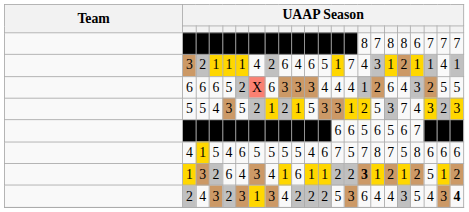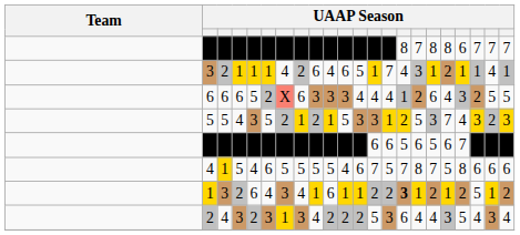 <table class="wikitable" style="text-align: center">
 <tr>
 <th width=200px rowspan=2>Team</th>
 <th colspan=21>UAAP Season</th>
 </tr>
 <tr>
 <th></th>
 <th></th>
 <th></th>
 <th></th>
 <th></th>
 <th></th>
 <th></th>
 <th></th>
 <th></th>
 <th></th>
 <th></th>
 <th></th>
 <th></th>
 <th></th>
 <th></th>
 <th></th>
 <th></th>
 <th></th>
 <th></th>
 <th></th>
 <th></th>
 </tr>
 <tr>
 <td align=left></td>
 <td bgcolor=black></td>
 <td bgcolor=black></td>
 <td bgcolor=black></td>
 <td bgcolor=black></td>
 <td bgcolor=black></td>
 <td bgcolor=black></td>
 <td bgcolor=black></td>
 <td bgcolor=black></td>
 <td bgcolor=black></td>
 <td bgcolor=black></td>
 <td bgcolor=black></td>
 <td bgcolor=black></td>
 <td bgcolor=black></td>
 <td>8</td>
 <td>7</td>
 <td>8</td>
 <td>8</td>
 <td>6</td>
 <td>7</td>
 <td>7</td>
 <td>7</td>
 </tr>
 <tr>
 <td align=left></td>
 <td bgcolor=#CC9966>3</td>
 <td bgcolor=silver>2</td>
 <td bgcolor=gold>1</td>
 <td bgcolor=gold>1</td>
 <td bgcolor=gold>1</td>
 <td>4</td>
 <td bgcolor=silver>2</td>
 <td>6</td>
 <td>4</td>
 <td>6</td>
 <td>5</td>
 <td bgcolor=gold>1</td>
 <td>7</td>
 <td>4</td>
 <td bgcolor=silver>3</td>
 <td bgcolor=gold>1</td>
 <td bgcolor=#CC9966>2</td>
 <td bgcolor=gold>1</td>
 <td bgcolor=silver>1</td>
 <td>4</td>
 <td bgcolor=silver>1</td>
 </tr>
 <tr>
 <td align=left></td>
 <td>6</td>
 <td>6</td>
 <td>6</td>
 <td>5</td>
 <td bgcolor=silver>2</td>
 <td bgcolor=salmon>X</td>
 <td>6</td>
 <td bgcolor=#CC9966>3</td>
 <td bgcolor=#CC9966>3</td>
 <td bgcolor=#CC9966>3</td>
 <td>4</td>
 <td>4</td>
 <td>4</td>
 <td bgcolor=silver>1</td>
 <td bgcolor=#CC9966>2</td>
 <td>6</td>
 <td>4</td>
 <td bgcolor=silver>3</td>
 <td bgcolor=#CC9966>2</td>
 <td>5</td>
 <td>5</td>
 </tr>
 <tr>
 <td align=left></td>
 <td>5</td>
 <td>5</td>
 <td>4</td>
 <td bgcolor=#CC9966>3</td>
 <td>5</td>
 <td bgcolor=silver>2</td>
 <td bgcolor=gold>1</td>
 <td bgcolor=silver>2</td>
 <td bgcolor=gold>1</td>
 <td>5</td>
 <td bgcolor=#CC9966>3</td>
 <td bgcolor=#CC9966>3</td>
 <td bgcolor=gold>1</td>
 <td bgcolor=gold>2</td>
 <td>5</td>
 <td bgcolor=silver>3</td>
 <td>7</td>
 <td>4</td>
 <td bgcolor=gold>3</td>
 <td bgcolor=silver>2</td>
 <td bgcolor=gold>3</td>
 </tr>
 <tr>
 <td align=left></td>
 <td bgcolor=black></td>
 <td bgcolor=black></td>
 <td bgcolor=black></td>
 <td bgcolor=black></td>
 <td bgcolor=black></td>
 <td bgcolor=black></td>
 <td bgcolor=black></td>
 <td bgcolor=black></td>
 <td bgcolor=black></td>
 <td bgcolor=black></td>
 <td bgcolor=black></td>
 <td>6</td>
 <td>6</td>
 <td>5</td>
 <td>6</td>
 <td>5</td>
 <td>6</td>
 <td>7</td>
 <td bgcolor=black></td>
 <td bgcolor=black></td>
 <td bgcolor=black></td>
 </tr>
 <tr>
 <td align=left></td>
 <td>4</td>
 <td bgcolor=gold>1</td>
 <td>5</td>
 <td>4</td>
 <td>6</td>
 <td>5</td>
 <td>5</td>
 <td>5</td>
 <td>5</td>
 <td>4</td>
 <td>6</td>
 <td>7</td>
 <td>5</td>
 <td>7</td>
 <td>8</td>
 <td>7</td>
 <td>5</td>
 <td>8</td>
 <td>6</td>
 <td>6</td>
 <td>6</td>
 </tr>
 <tr>
 <td align=left></td>
 <td bgcolor=gold>1</td>
 <td bgcolor=#CC9966>3</td>
 <td bgcolor=silver>2</td>
 <td>6</td>
 <td>4</td>
 <td bgcolor=#CC9966>3</td>
 <td>4</td>
 <td bgcolor=gold>1</td>
 <td>6</td>
 <td bgcolor=gold>1</td>
 <td bgcolor=gold>1</td>
 <td bgcolor=silver>2</td>
 <td bgcolor=silver>2</td>
 <td bgcolor=#CC9966><strong>3</strong></td>
 <td bgcolor=gold>1</td>
 <td bgcolor=#CC9966>2</td>
 <td bgcolor=gold>1</td>
 <td bgcolor=#CC9966>2</td>
 <td>5</td>
 <td bgcolor=gold>1</td>
 <td bgcolor=#CC9966>2</td>
 </tr>
 <tr>
 <td align=left></td>
 <td bgcolor=silver>2</td>
 <td>4</td>
 <td bgcolor=#CC9966>3</td>
 <td bgcolor=silver>2</td>
 <td bgcolor=#CC9966>3</td>
 <td bgcolor=gold>1</td>
 <td bgcolor=#CC9966>3</td>
 <td>4</td>
 <td bgcolor=silver>2</td>
 <td bgcolor=silver>2</td>
 <td bgcolor=silver>2</td>
 <td>5</td>
 <td bgcolor=#CC9966>3</td>
 <td>6</td>
 <td>4</td>
 <td>4</td>
 <td bgcolor=silver>3</td>
 <td>5</td>
 <td>4</td>
 <td bgcolor=#CC9966>3</td>
-<td><strong>4</strong></td>
+<td>4</td>
 </tr>
 <tr>
 </tr>
 </table>
